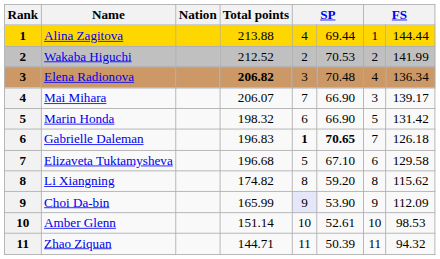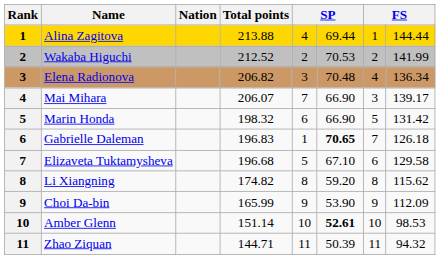 <table class="wikitable sortable">
 <tr>
 <th>Rank</th>
 <th>Name</th>
 <th>Nation</th>
 <th>Total points</th>
 <th colspan="2" width="80px"><a href='#'>SP</a></th>
 <th colspan="2" width="80px"><a href='#'>FS</a></th>
 </tr>
 <tr bgcolor="gold">
 <td align="center"><strong>1</strong></td>
 <td><a href='#'>Alina Zagitova</a></td>
 <td></td>
 <td align="center">213.88</td>
 <td align="center">4</td>
 <td align="center">69.44</td>
 <td align="center">1</td>
 <td align="center">144.44</td>
 </tr>
 <tr bgcolor="silver">
 <td align="center"><strong>2</strong></td>
 <td><a href='#'>Wakaba Higuchi</a></td>
 <td></td>
 <td align="center">212.52</td>
 <td align="center">2</td>
 <td align="center">70.53</td>
 <td align="center">2</td>
 <td align="center">141.99</td>
 </tr>
 <tr bgcolor="cc9966">
 <td align="center"><strong>3</strong></td>
 <td><a href='#'>Elena Radionova</a></td>
 <td></td>
-<td align="center"><strong>206.82</strong></td>
+<td align="center">206.82</td>
 <td align="center">3</td>
 <td align="center">70.48</td>
 <td align="center">4</td>
 <td align="center">136.34</td>
 </tr>
 <tr>
 <th>4</th>
 <td><a href='#'>Mai Mihara</a></td>
 <td></td>
 <td align="center">206.07</td>
 <td align="center">7</td>
 <td align="center">66.90</td>
 <td align="center">3</td>
 <td align="center">139.17</td>
 </tr>
 <tr>
 <th>5</th>
 <td><a href='#'>Marin Honda</a></td>
 <td></td>
 <td align="center">198.32</td>
 <td align="center">6</td>
 <td align="center">66.90</td>
 <td align="center">5</td>
 <td align="center">131.42</td>
 </tr>
 <tr>
 <th>6</th>
 <td><a href='#'>Gabrielle Daleman</a></td>
 <td></td>
 <td align="center">196.83</td>
-<td align="center"><strong>1</strong></td>
+<td align="center">1</td>
 <td align="center"><strong>70.65</strong></td>
 <td align="center">7</td>
 <td align="center">126.18</td>
 </tr>
 <tr>
 <th>7</th>
 <td><a href='#'>Elizaveta Tuktamysheva</a></td>
 <td></td>
 <td align="center">196.68</td>
 <td align="center">5</td>
 <td align="center">67.10</td>
 <td align="center">6</td>
 <td align="center">129.58</td>
 </tr>
 <tr>
 <th>8</th>
 <td><a href='#'>Li Xiangning</a></td>
 <td></td>
 <td align="center">174.82</td>
 <td align="center">8</td>
 <td align="center">59.20</td>
 <td align="center">8</td>
 <td align="center">115.62</td>
 </tr>
 <tr>
 <th>9</th>
 <td><a href='#'>Choi Da-bin</a></td>
 <td></td>
 <td align="center">165.99</td>
-<td align="center" style="background: lavender;">9</td>
+<td align="center">9</td>
 <td align="center">53.90</td>
 <td align="center">9</td>
 <td align="center">112.09</td>
 </tr>
 <tr>
 <th>10</th>
 <td><a href='#'>Amber Glenn</a></td>
 <td></td>
 <td align="center">151.14</td>
 <td align="center">10</td>
-<td align="center">52.61</td>
+<td align="center"><strong>52.61</strong></td>
 <td align="center">10</td>
 <td align="center">98.53</td>
 </tr>
 <tr>
 <th>11</th>
 <td><a href='#'>Zhao Ziquan</a></td>
 <td></td>
 <td align="center">144.71</td>
 <td align="center">11</td>
 <td align="center">50.39</td>
 <td align="center">11</td>
 <td align="center">94.32</td>
 </tr>
 </table>
